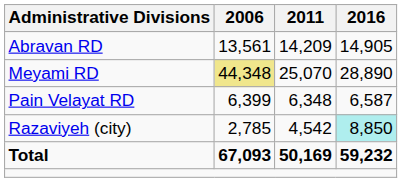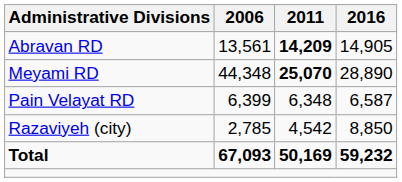 <table class="wikitable">
 <tr>
 <th>Administrative Divisions</th>
 <th>2006</th>
 <th>2011</th>
 <th>2016</th>
 </tr>
 <tr>
 <td><a href='#'>Abravan RD</a></td>
 <td style="text-align: right;">13,561</td>
-<td style="text-align: right;">14,209</td>
+<td style="text-align: right;"><strong>14,209</strong></td>
 <td style="text-align: right;">14,905</td>
 </tr>
 <tr>
 <td><a href='#'>Meyami RD</a></td>
-<td style="background: khaki; text-align: right;">44,348</td>
-<td style="text-align: right;">25,070</td>
+<td style="text-align: right;">44,348</td>
+<td style="text-align: right;"><strong>25,070</strong></td>
 <td style="text-align: right;">28,890</td>
 </tr>
 <tr>
 <td><a href='#'>Pain Velayat RD</a></td>
 <td style="text-align: right;">6,399</td>
 <td style="text-align: right;">6,348</td>
 <td style="text-align: right;">6,587</td>
 </tr>
 <tr>
 <td><a href='#'>Razaviyeh</a> (city)</td>
 <td style="text-align: right;">2,785</td>
 <td style="text-align: right;">4,542</td>
-<td style="background: paleturquoise; text-align: right;">8,850</td>
+<td style="text-align: right;">8,850</td>
 </tr>
 <tr>
 <td><strong>Total</strong></td>
 <td style="text-align: right;"><strong>67,093</strong></td>
 <td style="text-align: right;"><strong>50,169</strong></td>
 <td style="text-align: right;"><strong>59,232</strong></td>
 </tr>
 <tr>
 <td colspan=4></td>
 </tr>
 </table>
